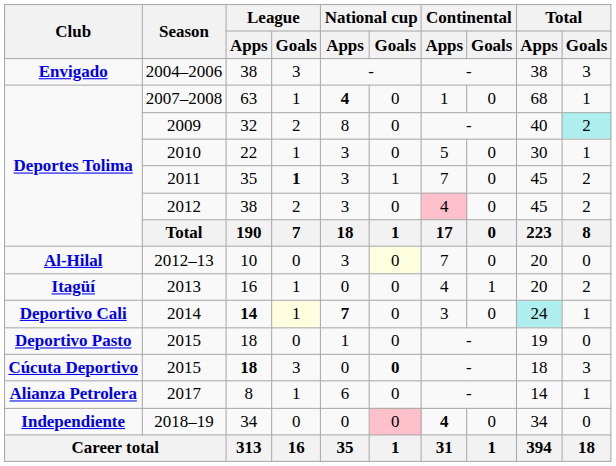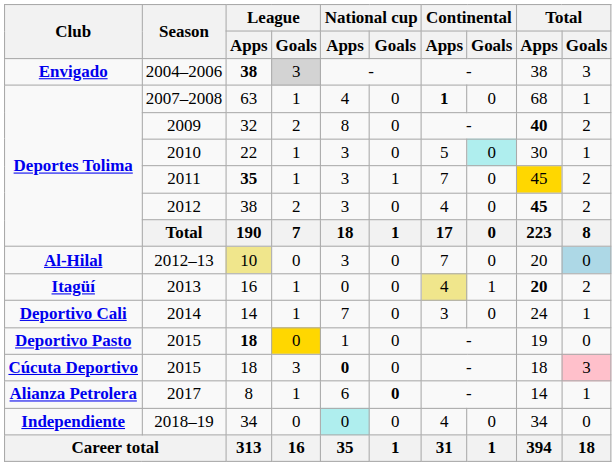 <table class="wikitable" style="text-align: center;">
 <tr>
 <th rowspan="2">Club</th>
 <th rowspan="2">Season</th>
 <th colspan="2">League</th>
 <th colspan="2">National cup</th>
 <th colspan="2">Continental</th>
 <th colspan="2">Total</th>
 </tr>
 <tr>
 <th>Apps</th>
 <th>Goals</th>
 <th>Apps</th>
 <th>Goals</th>
 <th>Apps</th>
 <th>Goals</th>
 <th>Apps</th>
 <th>Goals</th>
 </tr>
 <tr>
 <td><strong><a href='#'>Envigado</a></strong></td>
 <td>2004–2006</td>
-<td>38</td>
-<td>3</td>
+<td><strong>38</strong></td>
+<td style="background: lightgrey;">3</td>
 <td colspan="2">-</td>
 <td colspan="2">-</td>
 <td>38</td>
 <td>3</td>
 </tr>
 <tr>
 <td rowspan="6"><strong><a href='#'>Deportes Tolima</a></strong></td>
 <td>2007–2008</td>
 <td>63</td>
 <td>1</td>
-<td><strong>4</strong></td>
+<td>4</td>
 <td>0</td>
-<td>1</td>
+<td><strong>1</strong></td>
 <td>0</td>
 <td>68</td>
 <td>1</td>
 </tr>
 <tr>
 <td>2009</td>
 <td>32</td>
 <td>2</td>
 <td>8</td>
 <td>0</td>
 <td colspan="2">-</td>
-<td>40</td>
-<td style="background: paleturquoise;">2</td>
+<td><strong>40</strong></td>
+<td>2</td>
 </tr>
 <tr>
 <td>2010</td>
 <td>22</td>
 <td>1</td>
 <td>3</td>
 <td>0</td>
 <td>5</td>
-<td>0</td>
+<td style="background: paleturquoise;">0</td>
 <td>30</td>
 <td>1</td>
 </tr>
 <tr>
 <td>2011</td>
-<td>35</td>
-<td><strong>1</strong></td>
+<td><strong>35</strong></td>
+<td>1</td>
 <td>3</td>
 <td>1</td>
 <td>7</td>
 <td>0</td>
-<td>45</td>
+<td style="background: gold;">45</td>
 <td>2</td>
 </tr>
 <tr>
 <td>2012</td>
 <td>38</td>
 <td>2</td>
 <td>3</td>
 <td>0</td>
-<td style="background: pink;">4</td>
+<td>4</td>
 <td>0</td>
-<td>45</td>
+<td><strong>45</strong></td>
 <td>2</td>
 </tr>
 <tr>
 <th>Total</th>
 <th>190</th>
 <th>7</th>
 <th>18</th>
 <th>1</th>
 <th>17</th>
 <th>0</th>
 <th>223</th>
 <th>8</th>
 </tr>
 <tr>
 <td><strong><a href='#'>Al-Hilal</a></strong></td>
 <td>2012–13</td>
-<td>10</td>
+<td style="background: khaki;">10</td>
 <td>0</td>
 <td>3</td>
-<td style="background: lightyellow;">0</td>
+<td>0</td>
 <td>7</td>
 <td>0</td>
 <td>20</td>
-<td>0</td>
+<td style="background: lightblue;">0</td>
 </tr>
 <tr>
 <td><strong><a href='#'>Itagüí</a></strong></td>
 <td>2013</td>
 <td>16</td>
 <td>1</td>
 <td>0</td>
 <td>0</td>
-<td>4</td>
+<td style="background: khaki;">4</td>
 <td>1</td>
-<td>20</td>
+<td><strong>20</strong></td>
 <td>2</td>
 </tr>
 <tr>
 <td><strong><a href='#'>Deportivo Cali</a></strong></td>
 <td>2014</td>
-<td><strong>14</strong></td>
-<td style="background: lightyellow;">1</td>
-<td><strong>7</strong></td>
+<td>14</td>
+<td>1</td>
+<td>7</td>
 <td>0</td>
 <td>3</td>
 <td>0</td>
-<td style="background: paleturquoise;">24</td>
+<td>24</td>
 <td>1</td>
 </tr>
 <tr>
 <td><strong><a href='#'>Deportivo Pasto</a></strong></td>
 <td>2015</td>
-<td>18</td>
-<td>0</td>
+<td><strong>18</strong></td>
+<td style="background: gold;">0</td>
 <td>1</td>
 <td>0</td>
 <td colspan="2">-</td>
 <td>19</td>
 <td>0</td>
 </tr>
 <tr>
 <td><strong><a href='#'>Cúcuta Deportivo</a></strong></td>
 <td>2015</td>
-<td><strong>18</strong></td>
+<td>18</td>
 <td>3</td>
+<td><strong>0</strong></td>
 <td>0</td>
-<td><strong>0</strong></td>
 <td colspan="2">-</td>
 <td>18</td>
-<td>3</td>
+<td style="background: pink;">3</td>
 </tr>
 <tr>
 <td><strong><a href='#'>Alianza Petrolera</a></strong></td>
 <td>2017</td>
 <td>8</td>
 <td>1</td>
 <td>6</td>
-<td>0</td>
+<td><strong>0</strong></td>
 <td colspan="2">-</td>
 <td>14</td>
 <td>1</td>
 </tr>
 <tr>
 <td><strong><a href='#'>Independiente</a></strong></td>
 <td>2018–19</td>
 <td>34</td>
 <td>0</td>
+<td style="background: paleturquoise;">0</td>
 <td>0</td>
-<td style="background: pink;">0</td>
-<td><strong>4</strong></td>
+<td>4</td>
 <td>0</td>
 <td>34</td>
 <td>0</td>
 </tr>
 <tr>
 <th colspan="2">Career total</th>
 <th>313</th>
 <th>16</th>
 <th>35</th>
 <th>1</th>
 <th>31</th>
 <th>1</th>
 <th>394</th>
 <th>18</th>
 </tr>
 </table>
